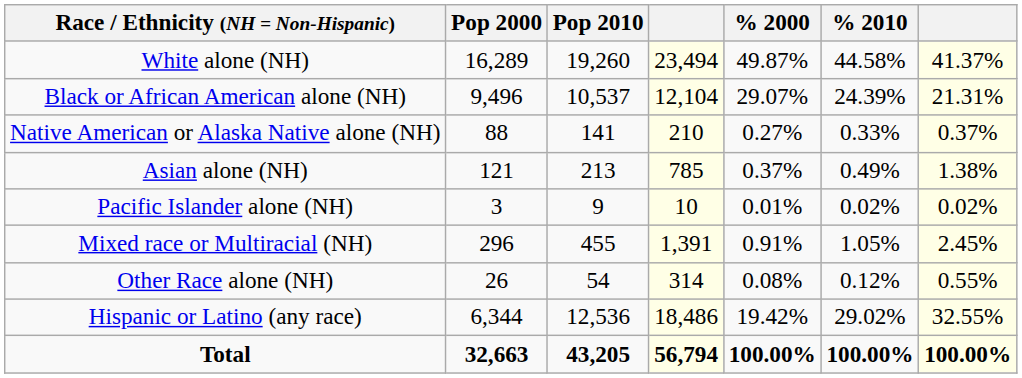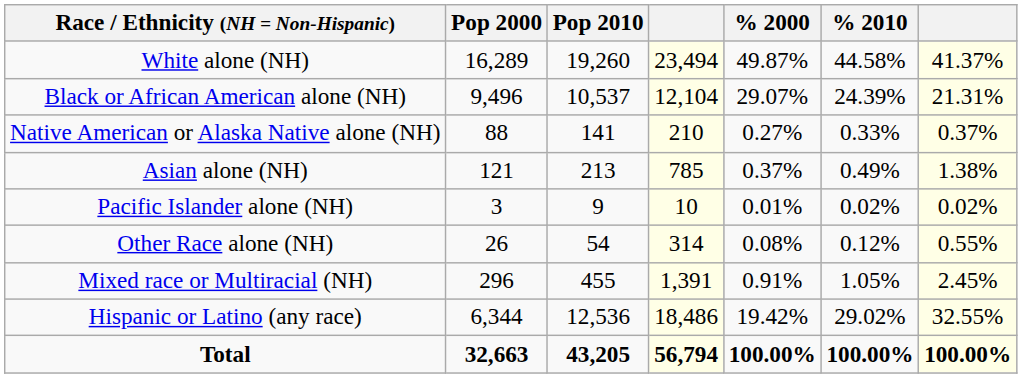 <table class="wikitable" style="text-align:center;">
 <tr>
 <th>Race / Ethnicity <small>(<em>NH = Non-Hispanic</em>)</small></th>
 <th>Pop 2000</th>
 <th>Pop 2010</th>
 <th></th>
 <th>% 2000</th>
 <th>% 2010</th>
 <th></th>
 </tr>
 <tr>
 <td><a href='#'>White</a> alone (NH)</td>
 <td>16,289</td>
 <td>19,260</td>
 <td style='background: #ffffe6;'>23,494</td>
 <td>49.87%</td>
 <td>44.58%</td>
 <td style='background: #ffffe6;'>41.37%</td>
 </tr>
 <tr>
 <td><a href='#'>Black or African American</a> alone (NH)</td>
 <td>9,496</td>
 <td>10,537</td>
 <td style='background: #ffffe6;'>12,104</td>
 <td>29.07%</td>
 <td>24.39%</td>
 <td style='background: #ffffe6;'>21.31%</td>
 </tr>
 <tr>
 <td><a href='#'>Native American</a> or <a href='#'>Alaska Native</a> alone (NH)</td>
 <td>88</td>
 <td>141</td>
 <td style='background: #ffffe6;'>210</td>
 <td>0.27%</td>
 <td>0.33%</td>
 <td style='background: #ffffe6;'>0.37%</td>
 </tr>
 <tr>
 <td><a href='#'>Asian</a> alone (NH)</td>
 <td>121</td>
 <td>213</td>
 <td style='background: #ffffe6;'>785</td>
 <td>0.37%</td>
 <td>0.49%</td>
 <td style='background: #ffffe6;'>1.38%</td>
 </tr>
 <tr>
 <td><a href='#'>Pacific Islander</a> alone (NH)</td>
 <td>3</td>
 <td>9</td>
 <td style='background: #ffffe6;'>10</td>
 <td>0.01%</td>
 <td>0.02%</td>
 <td style='background: #ffffe6;'>0.02%</td>
 </tr>
 <tr>
+<td><a href='#'>Other Race</a> alone (NH)</td>
+<td>26</td>
+<td>54</td>
+<td style='background: #ffffe6;'>314</td>
+<td>0.08%</td>
+<td>0.12%</td>
+<td style='background: #ffffe6;'>0.55%</td>
+</tr>
+<tr>
 <td><a href='#'>Mixed race or Multiracial</a> (NH)</td>
 <td>296</td>
 <td>455</td>
 <td style='background: #ffffe6;'>1,391</td>
 <td>0.91%</td>
 <td>1.05%</td>
 <td style='background: #ffffe6;'>2.45%</td>
-</tr>
-<tr>
-<td><a href='#'>Other Race</a> alone (NH)</td>
-<td>26</td>
-<td>54</td>
-<td style='background: #ffffe6;'>314</td>
-<td>0.08%</td>
-<td>0.12%</td>
-<td style='background: #ffffe6;'>0.55%</td>
 </tr>
 <tr>
 <td><a href='#'>Hispanic or Latino</a> (any race)</td>
 <td>6,344</td>
 <td>12,536</td>
 <td style='background: #ffffe6;'>18,486</td>
 <td>19.42%</td>
 <td>29.02%</td>
 <td style='background: #ffffe6;'>32.55%</td>
 </tr>
 <tr>
 <td><strong>Total</strong></td>
 <td><strong>32,663</strong></td>
 <td><strong>43,205</strong></td>
 <td style='background: #ffffe6;'><strong>56,794</strong></td>
 <td><strong>100.00%</strong></td>
 <td><strong>100.00%</strong></td>
 <td style='background: #ffffe6;'><strong>100.00%</strong></td>
 </tr>
 </table>
